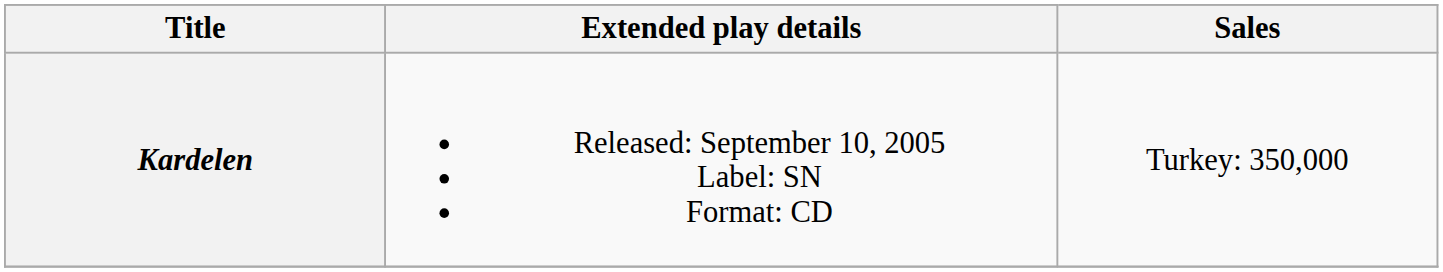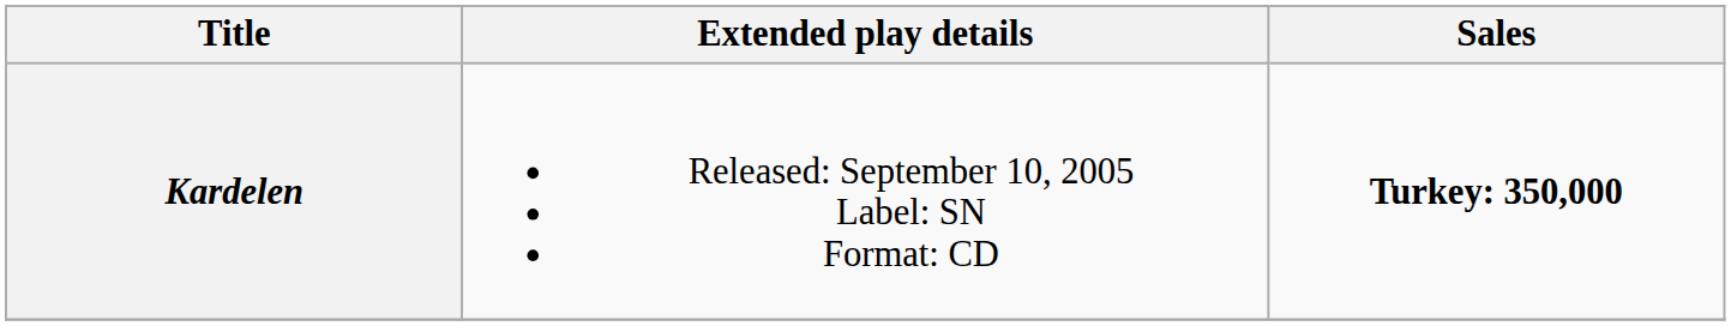 <table class="wikitable plainrowheaders" style="text-align:center;" border="1">
 <tr>
 <th scope="col" style="width:12em;">Title</th>
 <th scope="col" style="width:21.5em;">Extended play details</th>
 <th scope="col" style="width:12em;">Sales</th>
 </tr>
 <tr>
 <th scope="row"><em>Kardelen </em></th>
 <td><br><ul><li>Released: September 10, 2005</li><li>Label: SN</li><li>Format: CD</li></ul></td>
-<td>Turkey: 350,000</td>
+<td><strong>Turkey: 350,000</strong></td>
 </tr>
 <tr>
 </tr>
 </table>
